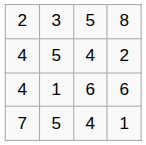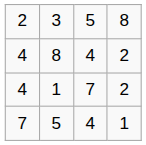 <table class="wikitable" style="margin-left:auto;margin-right:auto;text-align:center;width:8em;height:8em;table-layout:fixed;">
 <tr>
 <td>2</td>
 <td>3</td>
 <td>5</td>
 <td>8</td>
 </tr>
 <tr>
 <td>4</td>
-<td>5</td>
+<td>8</td>
 <td>4</td>
 <td>2</td>
 </tr>
 <tr>
 <td>4</td>
 <td>1</td>
-<td>6</td>
-<td>6</td>
+<td>7</td>
+<td>2</td>
 </tr>
 <tr>
 <td>7</td>
 <td>5</td>
 <td>4</td>
 <td>1</td>
 </tr>
 </table>
